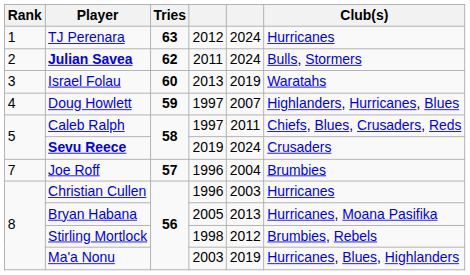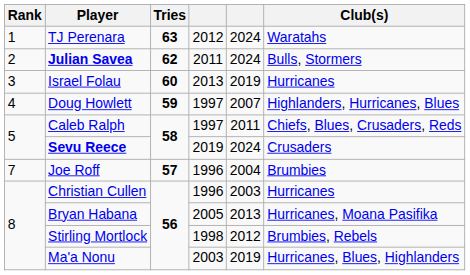 <table class="wikitable">
 <tr>
 <th>Rank</th>
 <th>Player</th>
 <th>Tries</th>
 <th></th>
 <th></th>
 <th>Club(s)</th>
 </tr>
 <tr>
 <td>1</td>
 <td> <a href='#'>TJ Perenara</a></td>
 <td align="center"><strong>63</strong></td>
 <td align=center>2012</td>
 <td align=center>2024</td>
-<td><a href='#'>Hurricanes</a></td>
+<td><a href='#'>Waratahs</a></td>
 </tr>
 <tr>
 <td>2</td>
 <td> <strong><a href='#'>Julian Savea</a></strong></td>
 <td align="center"><strong>62</strong></td>
 <td align="center">2011</td>
 <td align="center">2024</td>
 <td><a href='#'>Bulls</a>, <a href='#'>Stormers</a></td>
 </tr>
 <tr>
 <td>3</td>
 <td> <a href='#'>Israel Folau</a></td>
 <td align="center"><strong>60</strong></td>
 <td align="center">2013</td>
 <td align="center">2019</td>
-<td><a href='#'>Waratahs</a></td>
+<td><a href='#'>Hurricanes</a></td>
 </tr>
 <tr>
 <td>4</td>
 <td> <a href='#'>Doug Howlett</a></td>
 <td align=center><strong>59</strong></td>
 <td align=center>1997</td>
 <td align=center>2007</td>
 <td><a href='#'>Highlanders</a>, <a href='#'>Hurricanes</a>, <a href='#'>Blues</a></td>
 </tr>
 <tr>
 <td rowspan=2>5</td>
 <td> <a href='#'>Caleb Ralph</a></td>
 <td rowspan="2" align=center><strong>58</strong></td>
 <td align="center">1997</td>
 <td align=center>2011</td>
 <td><a href='#'>Chiefs</a>, <a href='#'>Blues</a>, <a href='#'>Crusaders</a>, <a href='#'>Reds</a></td>
 </tr>
 <tr>
 <td> <strong><a href='#'>Sevu Reece</a></strong></td>
 <td align="center">2019</td>
 <td align=center>2024</td>
 <td><a href='#'>Crusaders</a></td>
 </tr>
 <tr>
 <td>7</td>
 <td> <a href='#'>Joe Roff</a></td>
 <td align=center><strong>57</strong></td>
 <td align=center>1996</td>
 <td align=center>2004</td>
 <td><a href='#'>Brumbies</a></td>
 </tr>
 <tr>
 <td rowspan=4>8</td>
 <td> <a href='#'>Christian Cullen</a></td>
 <td rowspan="4" align=center><strong>56</strong></td>
 <td align=center>1996</td>
 <td align=center>2003</td>
 <td><a href='#'>Hurricanes</a></td>
 </tr>
 <tr>
 <td> <a href='#'>Bryan Habana</a></td>
 <td align=center>2005</td>
 <td align=center>2013</td>
 <td><a href='#'>Hurricanes</a>,  <a href='#'>Moana Pasifika</a></td>
 </tr>
 <tr>
 <td> <a href='#'>Stirling Mortlock</a></td>
 <td align=center>1998</td>
 <td align=center>2012</td>
 <td><a href='#'>Brumbies</a>, <a href='#'>Rebels</a></td>
 </tr>
 <tr>
 <td> <a href='#'>Ma'a Nonu</a></td>
 <td align=center>2003</td>
 <td align=center>2019</td>
 <td><a href='#'>Hurricanes</a>, <a href='#'>Blues</a>, <a href='#'>Highlanders</a></td>
 </tr>
 </table>
